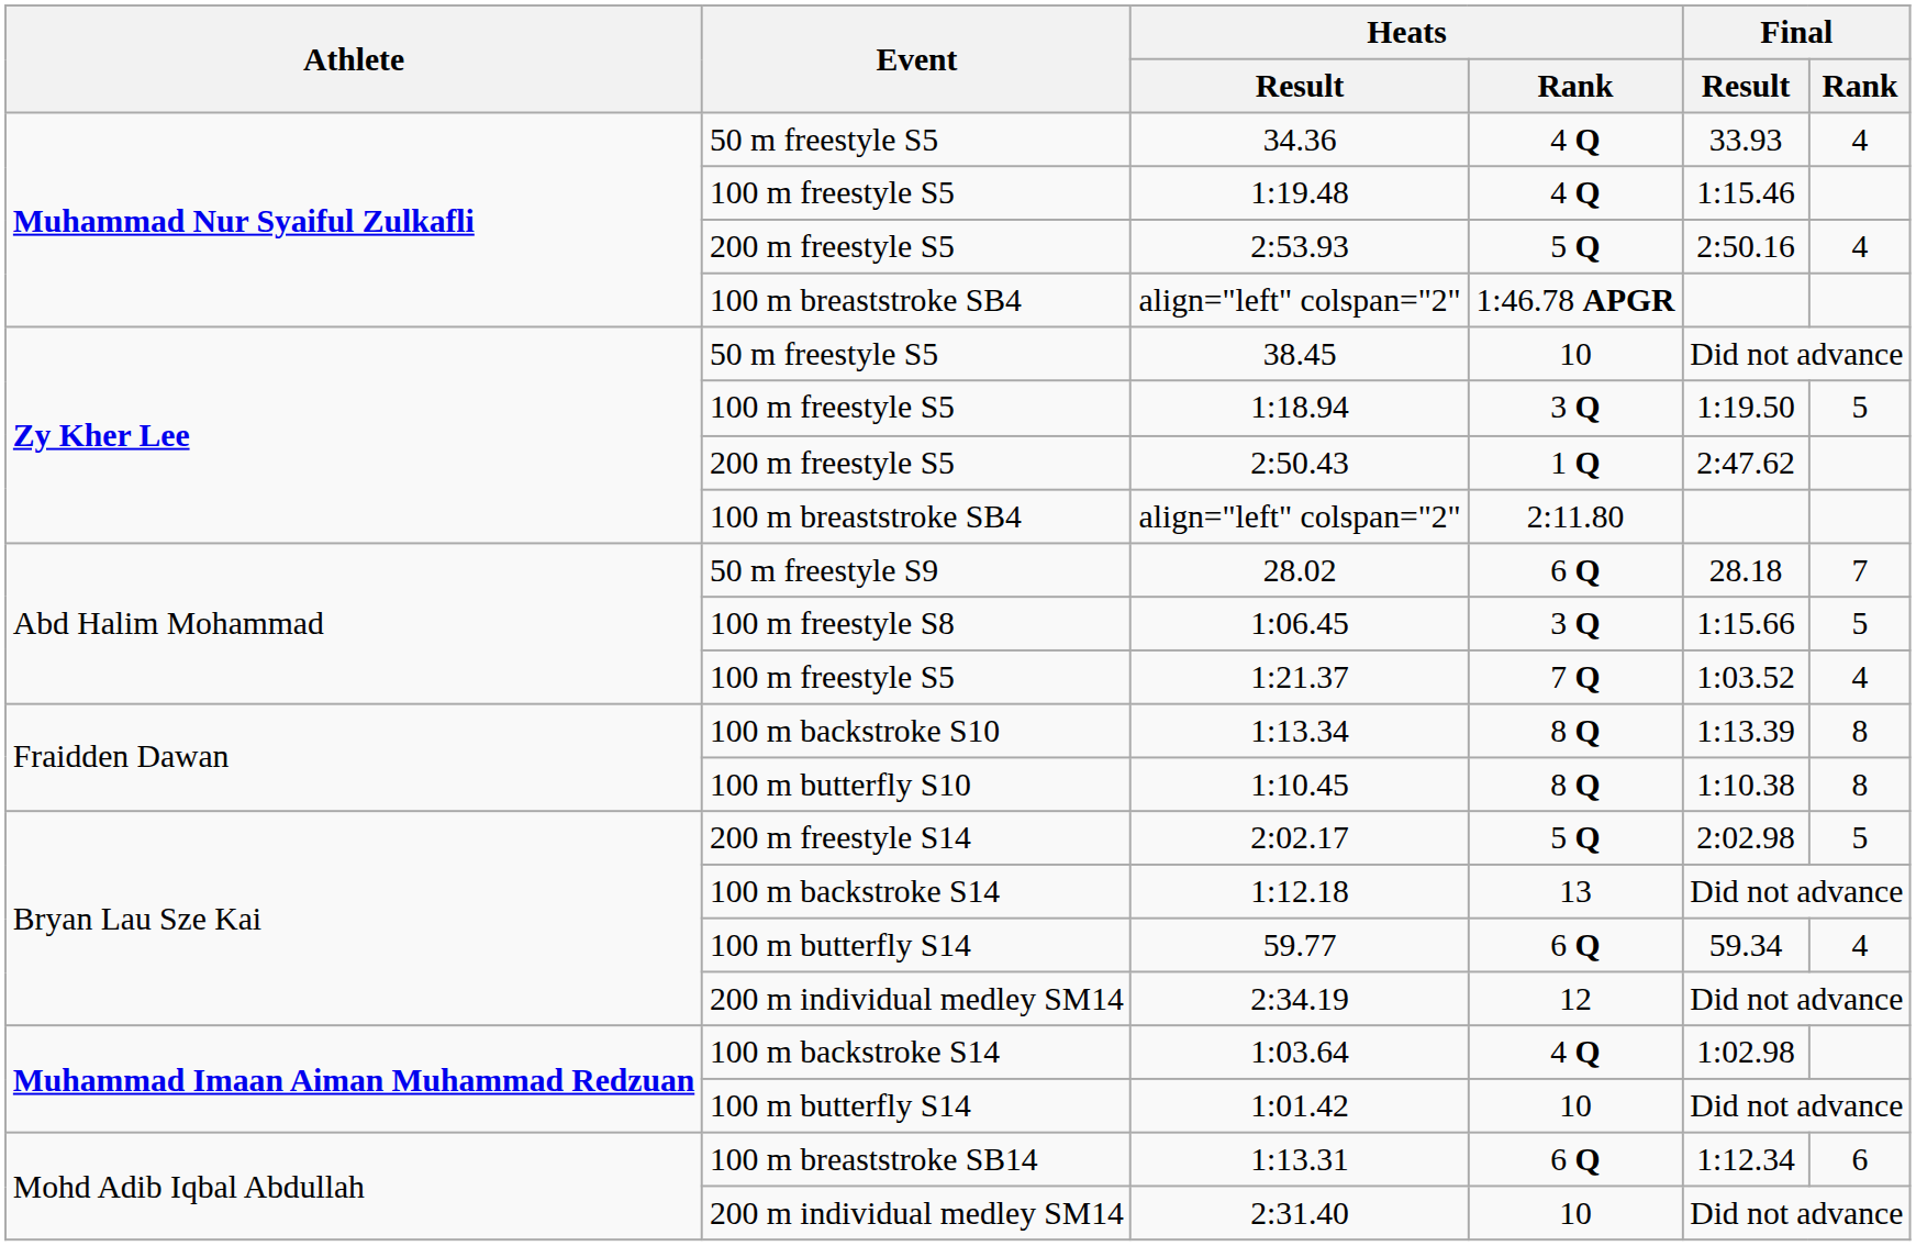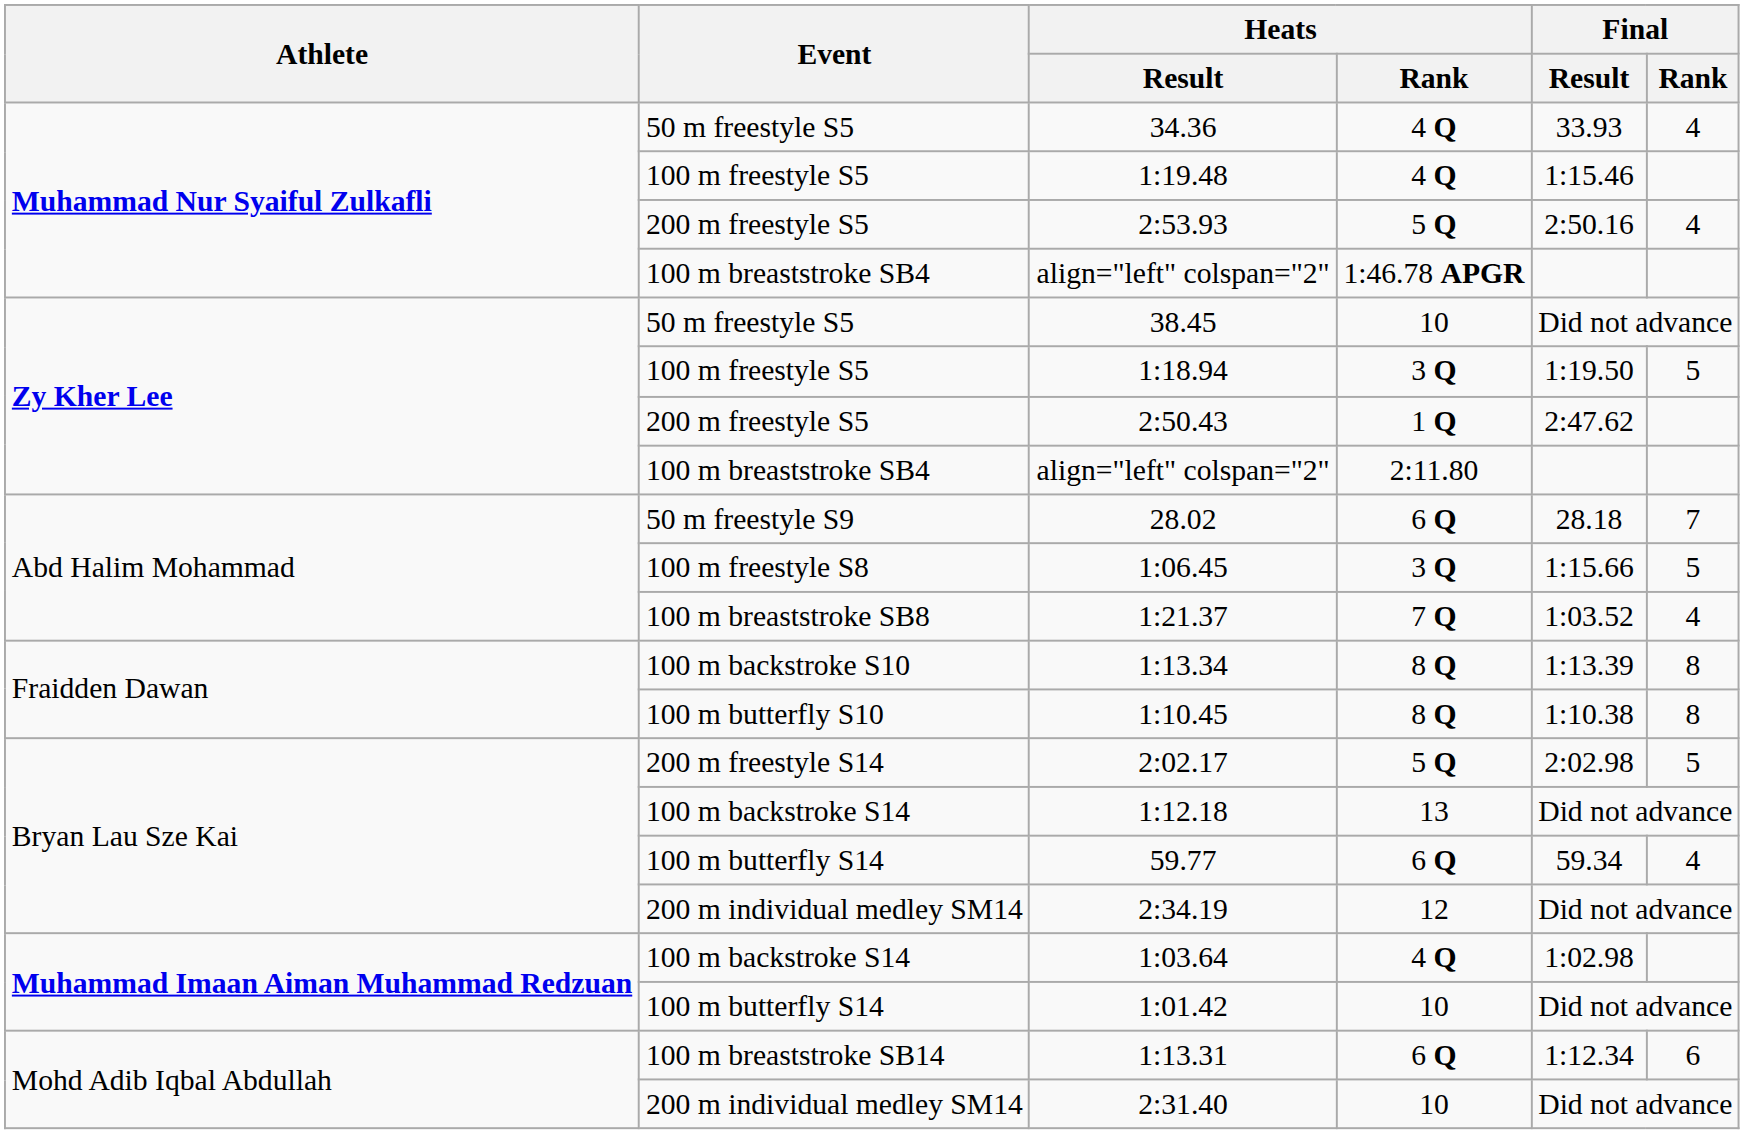 <table class=wikitable style="font-size:95%">
 <tr>
 <th rowspan="2">Athlete</th>
 <th rowspan="2">Event</th>
 <th colspan="2">Heats</th>
 <th colspan="2">Final</th>
 </tr>
 <tr>
 <th>Result</th>
 <th>Rank</th>
 <th>Result</th>
 <th>Rank</th>
 </tr>
 <tr align=center>
 <td align=left rowspan="4"><strong><a href='#'>Muhammad Nur Syaiful Zulkafli</a></strong></td>
 <td align=left>50 m freestyle S5</td>
 <td>34.36</td>
 <td>4 <strong>Q</strong></td>
 <td>33.93</td>
 <td>4</td>
 </tr>
 <tr align="center">
 <td align=left>100 m freestyle S5</td>
 <td>1:19.48</td>
 <td>4 <strong>Q</strong></td>
 <td>1:15.46</td>
 <td></td>
 </tr>
 <tr align="center">
 <td align=left>200 m freestyle S5</td>
 <td>2:53.93</td>
 <td>5 <strong>Q</strong></td>
 <td>2:50.16</td>
 <td>4</td>
 </tr>
 <tr align="center">
 <td align=left>100 m breaststroke SB4</td>
 <td>align="left" colspan="2" </td>
 <td>1:46.78 <strong>APGR</strong></td>
 <td></td>
 </tr>
 <tr align=center>
 <td align=left rowspan="4"><strong><a href='#'>Zy Kher Lee</a></strong></td>
 <td align=left>50 m freestyle S5</td>
 <td>38.45</td>
 <td>10</td>
 <td align="center" colspan="2">Did not advance</td>
 </tr>
 <tr align="center">
 <td align=left>100 m freestyle S5</td>
 <td>1:18.94</td>
 <td>3 <strong>Q</strong></td>
 <td>1:19.50</td>
 <td>5</td>
 </tr>
 <tr align="center">
 <td align=left>200 m freestyle S5</td>
 <td>2:50.43</td>
 <td>1 <strong>Q</strong></td>
 <td>2:47.62</td>
 <td></td>
 </tr>
 <tr align="center">
 <td align=left>100 m breaststroke SB4</td>
 <td>align="left" colspan="2" </td>
 <td>2:11.80</td>
 <td></td>
 </tr>
 <tr align=center>
 <td align=left rowspan="3">Abd Halim Mohammad</td>
 <td align=left>50 m freestyle S9</td>
 <td>28.02</td>
 <td>6 <strong>Q</strong></td>
 <td>28.18</td>
 <td>7</td>
 </tr>
 <tr align="center">
 <td align=left>100 m freestyle S8</td>
 <td>1:06.45</td>
 <td>3 <strong>Q</strong></td>
 <td>1:15.66</td>
 <td>5</td>
 </tr>
 <tr align="center">
-<td align=left>100 m freestyle S5</td>
+<td align=left>100 m breaststroke SB8</td>
 <td>1:21.37</td>
 <td>7 <strong>Q</strong></td>
 <td>1:03.52</td>
 <td>4</td>
 </tr>
 <tr align=center>
 <td align=left rowspan="2">Fraidden Dawan</td>
 <td align=left>100 m backstroke S10</td>
 <td>1:13.34</td>
 <td>8 <strong>Q</strong></td>
 <td>1:13.39</td>
 <td>8</td>
 </tr>
 <tr align="center">
 <td align=left>100 m butterfly S10</td>
 <td>1:10.45</td>
 <td>8 <strong>Q</strong></td>
 <td>1:10.38</td>
 <td>8</td>
 </tr>
 <tr align=center>
 <td align=left rowspan="4">Bryan Lau Sze Kai</td>
 <td align=left>200 m freestyle S14</td>
 <td>2:02.17</td>
 <td>5 <strong>Q</strong></td>
 <td>2:02.98</td>
 <td>5</td>
 </tr>
 <tr align="center">
 <td align=left>100 m backstroke S14</td>
 <td>1:12.18</td>
 <td>13</td>
 <td align="center" colspan="2">Did not advance</td>
 </tr>
 <tr align="center">
 <td align=left>100 m butterfly S14</td>
 <td>59.77</td>
 <td>6 <strong>Q</strong></td>
 <td>59.34</td>
 <td>4</td>
 </tr>
 <tr align="center">
 <td align=left>200 m individual medley SM14</td>
 <td>2:34.19</td>
 <td>12</td>
 <td align="center" colspan="2">Did not advance</td>
 </tr>
 <tr align=center>
 <td align=left rowspan="2"><strong><a href='#'>Muhammad Imaan Aiman Muhammad Redzuan</a></strong></td>
 <td align=left>100 m backstroke S14</td>
 <td>1:03.64</td>
 <td>4 <strong>Q</strong></td>
 <td>1:02.98</td>
 <td></td>
 </tr>
 <tr align="center">
 <td align=left>100 m butterfly S14</td>
 <td>1:01.42</td>
 <td>10</td>
 <td align="center" colspan="2">Did not advance</td>
 </tr>
 <tr align=center>
 <td align=left rowspan="2">Mohd Adib Iqbal Abdullah</td>
 <td align=left>100 m breaststroke SB14</td>
 <td>1:13.31</td>
 <td>6 <strong>Q</strong></td>
 <td>1:12.34</td>
 <td>6</td>
 </tr>
 <tr align="center">
 <td align=left>200 m individual medley SM14</td>
 <td>2:31.40</td>
 <td>10</td>
 <td align="center" colspan="2">Did not advance</td>
 </tr>
 </table>
